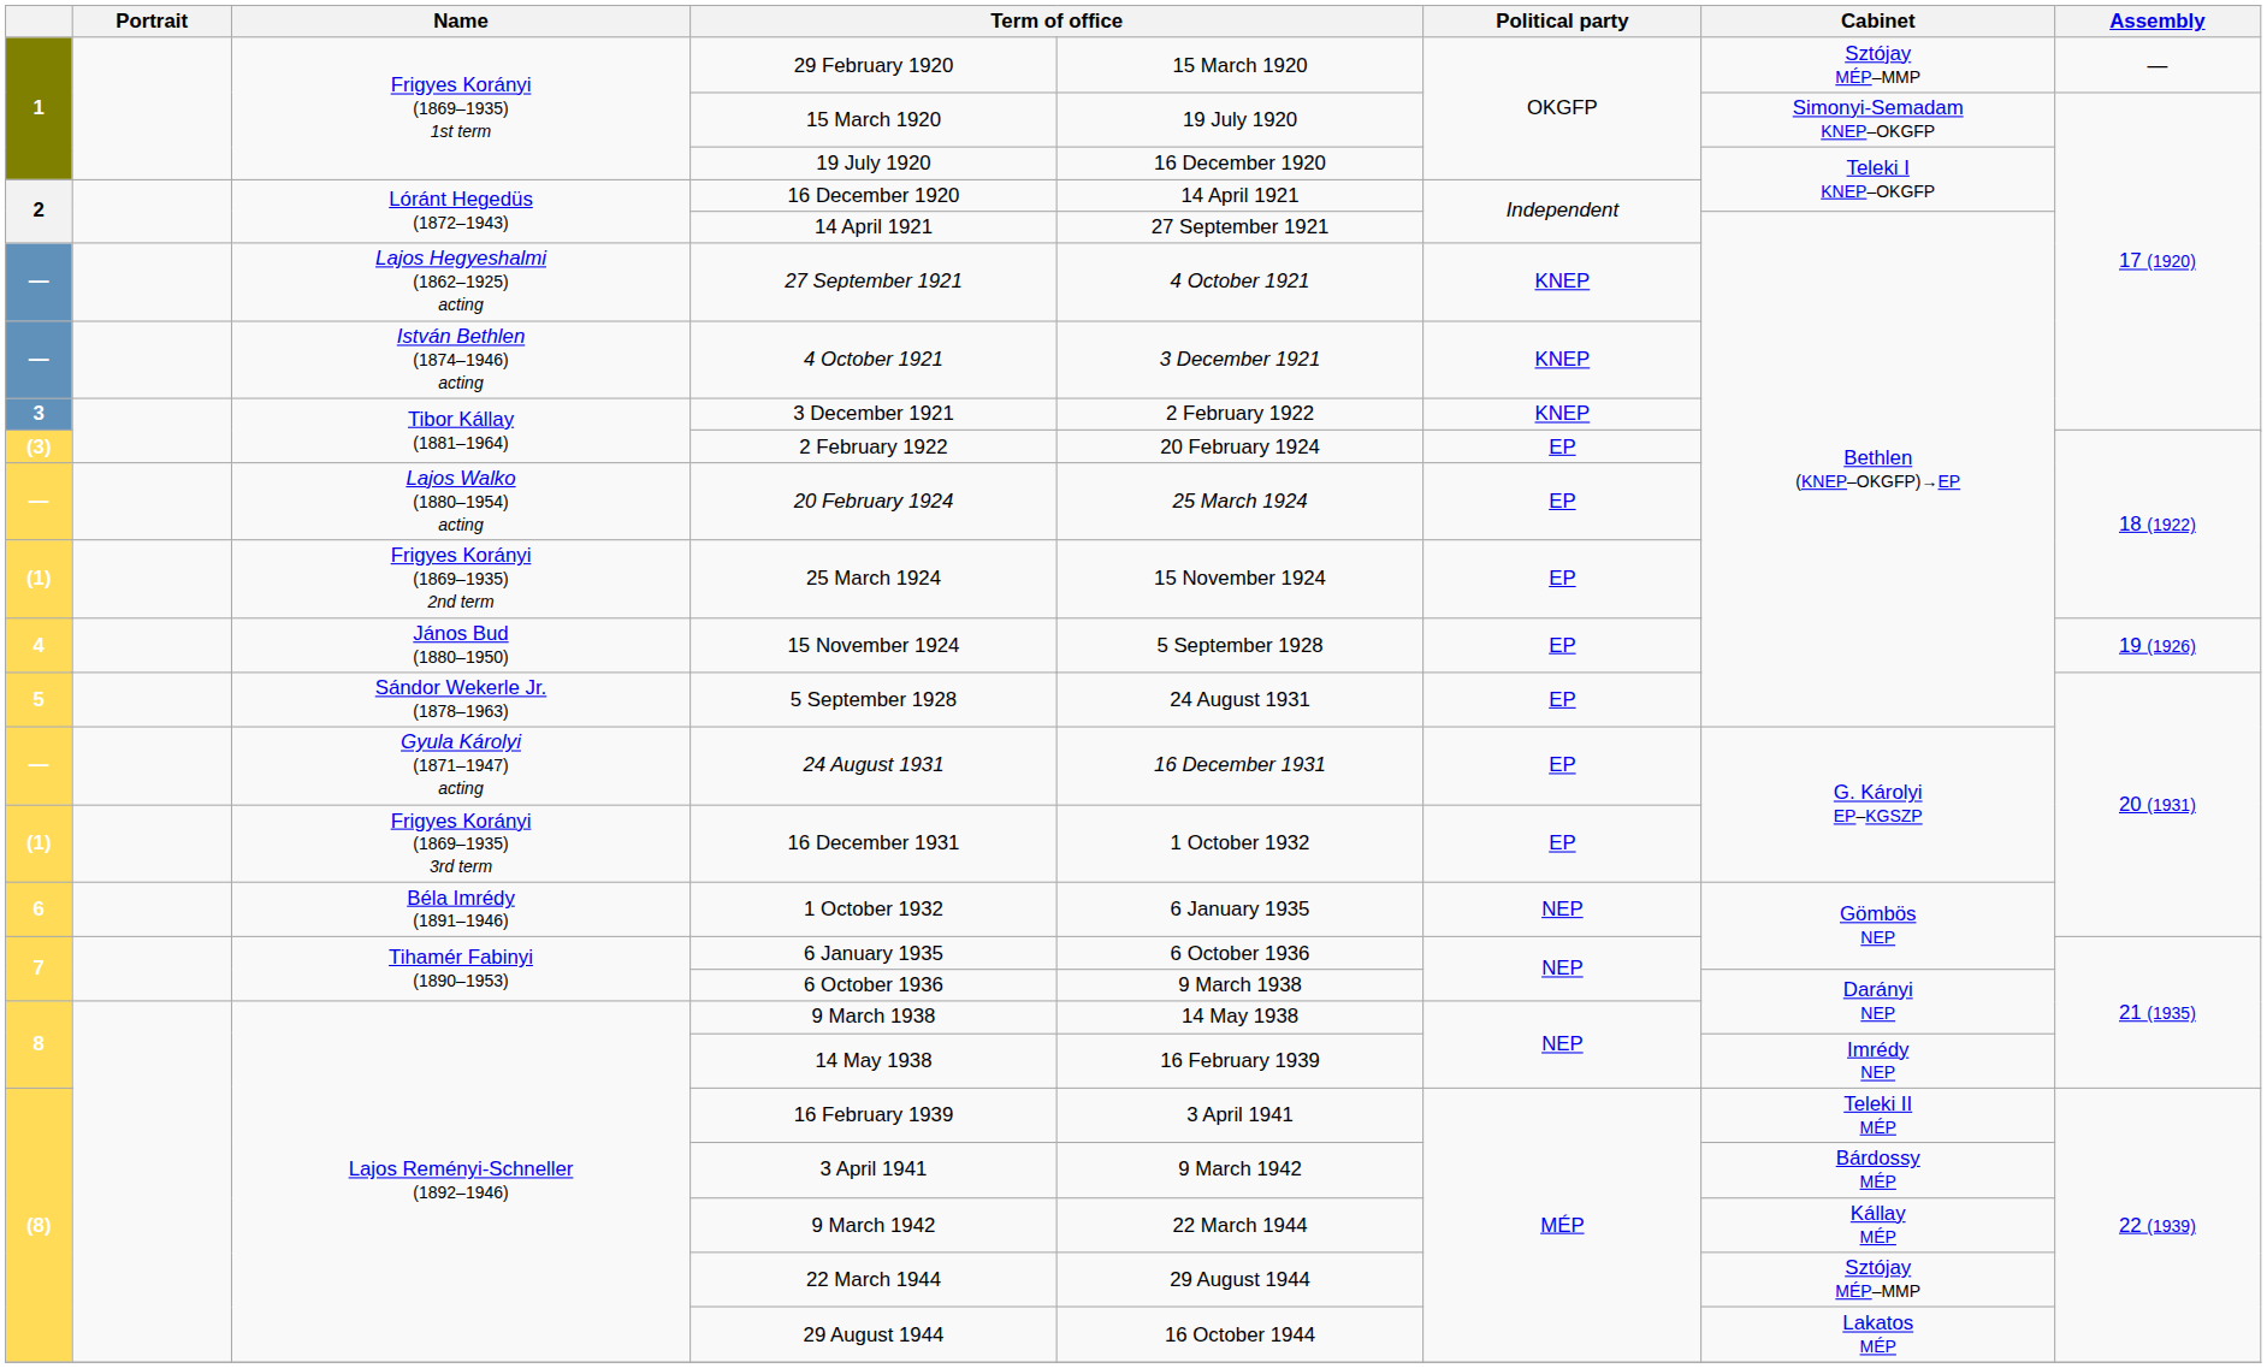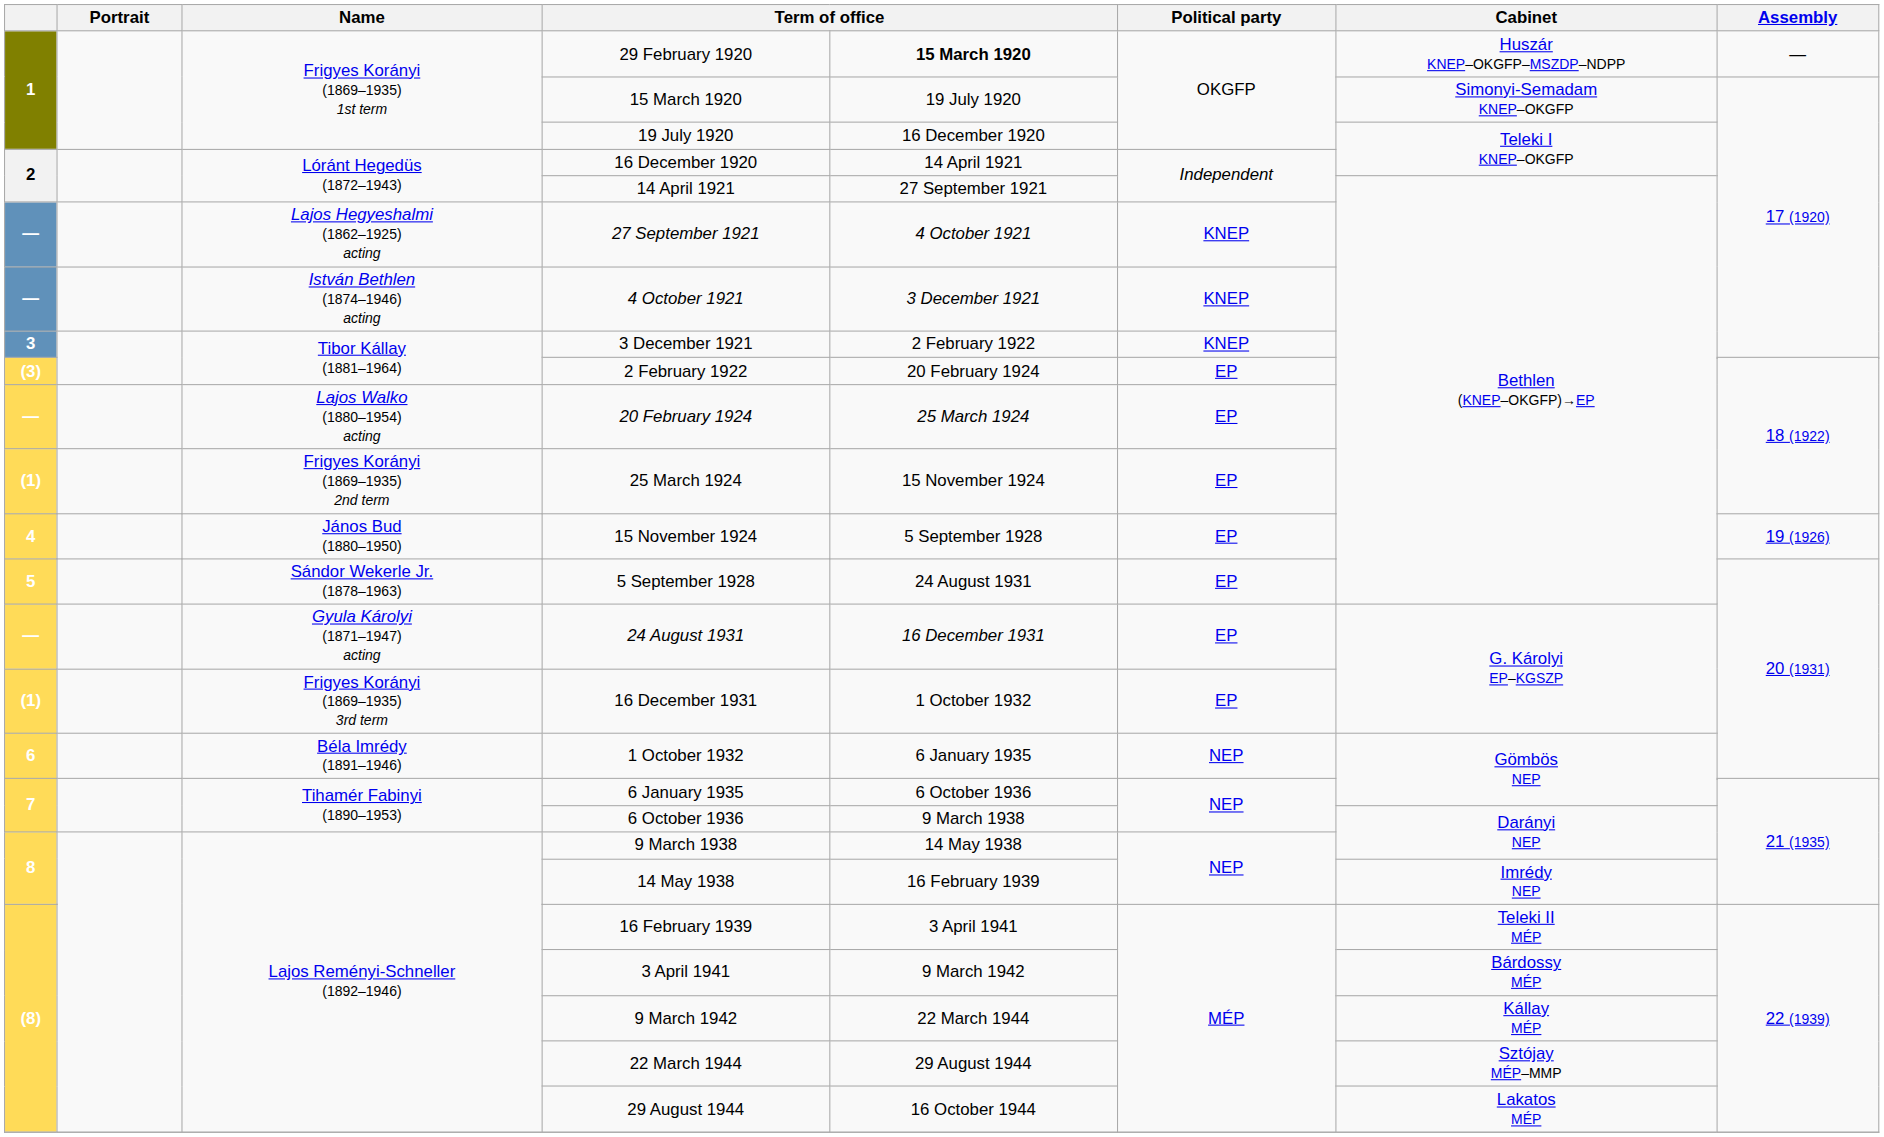 <table class="wikitable" style="width:90%; text-align:center;">
 <tr>
 <th></th>
 <th>Portrait</th>
 <th>Name<br></th>
 <th colspan=2>Term of office</th>
 <th>Political party</th>
 <th>Cabinet</th>
 <th><a href='#'>Assembly</a><br></th>
 </tr>
 <tr>
 <th rowspan="3" style="background-color:#808000; color:white">1</th>
 <td rowspan="3"></td>
 <td rowspan="3"><a href='#'>Frigyes Korányi</a><br><small>(1869–1935)<br><em>1st term</em></small></td>
 <td>29 February 1920</td>
-<td>15 March 1920</td>
+<td><strong>15 March 1920</strong></td>
 <td rowspan="3">OKGFP</td>
-<td><a href='#'>Sztójay</a><br><small><a href='#'>MÉP</a>–MMP</small></td>
+<td><a href='#'>Huszár</a><br><small><a href='#'>KNEP</a>–OKGFP–<a href='#'>MSZDP</a>–NDPP</small></td>
 <td>—</td>
 </tr>
 <tr>
 <td>15 March 1920</td>
 <td>19 July 1920</td>
 <td><a href='#'>Simonyi-Semadam</a><br><small><a href='#'>KNEP</a>–OKGFP</small></td>
 <td rowspan="8"><a href='#'>17 <small>(1920)</small></a></td>
 </tr>
 <tr>
 <td>19 July 1920</td>
 <td>16 December 1920</td>
 <td rowspan="2"><a href='#'>Teleki I</a><br><small><a href='#'>KNEP</a>–OKGFP</small></td>
 </tr>
 <tr>
 <th rowspan="2" style="background:">2</th>
 <td rowspan="2"></td>
 <td rowspan="2"><a href='#'>Lóránt Hegedüs</a><br><small>(1872–1943)</small></td>
 <td>16 December 1920</td>
 <td>14 April 1921</td>
 <td rowspan="2"><em>Independent</em></td>
 </tr>
 <tr>
 <td>14 April 1921</td>
 <td>27 September 1921</td>
 <td rowspan="12"><a href='#'>Bethlen</a><br><small>(<a href='#'>KNEP</a>–OKGFP)→<a href='#'>EP</a></small></td>
 </tr>
 <tr>
 <th style="background-color:#6091BA; color:white">—</th>
 <td></td>
 <td><em><a href='#'>Lajos Hegyeshalmi</a></em><br><small>(1862–1925)<br><em>acting</em></small></td>
 <td><em>27 September 1921</em></td>
 <td><em>4 October 1921</em></td>
 <td><a href='#'>KNEP</a></td>
 </tr>
 <tr>
 <th style="background-color:#6091BA; color:white">—</th>
 <td></td>
 <td><em><a href='#'>István Bethlen</a></em><br><small>(1874–1946)<br><em>acting</em></small></td>
 <td><em>4 October 1921</em></td>
 <td><em>3 December 1921</em></td>
 <td><a href='#'>KNEP</a></td>
 </tr>
 <tr>
 <th style="background-color:#6091BA; color:white">3</th>
 <td rowspan="3"></td>
 <td rowspan="3"><a href='#'>Tibor Kállay</a><br><small>(1881–1964)</small></td>
 <td>3 December 1921</td>
 <td>2 February 1922</td>
 <td><a href='#'>KNEP</a></td>
 </tr>
 <tr>
 <th rowspan="2" style="background-color:#FFDB58; color:white">(3)</th>
 <td rowspan="2">2 February 1922</td>
 <td rowspan="2">20 February 1924</td>
 <td rowspan="2"><a href='#'>EP</a></td>
 </tr>
 <tr>
 <td rowspan="4"><a href='#'>18 <small>(1922)</small></a></td>
 </tr>
 <tr>
 <th style="background-color:#FFDB58; color:white">—</th>
 <td></td>
 <td><em><a href='#'>Lajos Walko</a></em><br><small>(1880–1954)<br><em>acting</em></small></td>
 <td><em>20 February 1924</em></td>
 <td><em>25 March 1924</em></td>
 <td><a href='#'>EP</a></td>
 </tr>
 <tr>
 <th style="background-color:#FFDB58; color:white">(1)</th>
 <td></td>
 <td><a href='#'>Frigyes Korányi</a><br><small>(1869–1935)<br><em>2nd term</em></small></td>
 <td>25 March 1924</td>
 <td>15 November 1924</td>
 <td><a href='#'>EP</a></td>
 </tr>
 <tr>
 <th rowspan="2" style="background-color:#FFDB58; color:white">4</th>
 <td rowspan="2"></td>
 <td rowspan="2"><a href='#'>János Bud</a><br><small>(1880–1950)</small></td>
 <td rowspan="2">15 November 1924</td>
 <td rowspan="2">5 September 1928</td>
 <td rowspan="2"><a href='#'>EP</a></td>
 </tr>
 <tr>
 <td rowspan="2"><a href='#'>19 <small>(1926)</small></a></td>
 </tr>
 <tr>
 <th rowspan="2" style="background-color:#FFDB58; color:white">5</th>
 <td rowspan="2"></td>
 <td rowspan="2"><a href='#'>Sándor Wekerle Jr.</a><br><small>(1878–1963)</small></td>
 <td rowspan="2">5 September 1928</td>
 <td rowspan="2">24 August 1931</td>
 <td rowspan="2"><a href='#'>EP</a></td>
 </tr>
 <tr>
 <td rowspan="5"><a href='#'>20 <small>(1931)</small></a></td>
 </tr>
 <tr>
 <th style="background-color:#FFDB58; color:white">—</th>
 <td></td>
 <td><em><a href='#'>Gyula Károlyi</a></em><br><small>(1871–1947)<br><em>acting</em></small></td>
 <td><em>24 August 1931</em></td>
 <td><em>16 December 1931</em></td>
 <td><a href='#'>EP</a></td>
 <td rowspan="2"><a href='#'>G. Károlyi</a><br><small><a href='#'>EP</a>–<a href='#'>KGSZP</a></small></td>
 </tr>
 <tr>
 <th style="background-color:#FFDB58; color:white">(1)</th>
 <td></td>
 <td><a href='#'>Frigyes Korányi</a><br><small>(1869–1935)<br><em>3rd term</em></small></td>
 <td>16 December 1931</td>
 <td>1 October 1932</td>
 <td><a href='#'>EP</a></td>
 </tr>
 <tr>
 <th style="background-color:#FFDB58; color:white">6</th>
 <td></td>
 <td><a href='#'>Béla Imrédy</a><br><small>(1891–1946)</small></td>
 <td>1 October 1932</td>
 <td>6 January 1935</td>
 <td><a href='#'>NEP</a></td>
 <td rowspan="3"><a href='#'>Gömbös</a><br><small><a href='#'>NEP</a></small></td>
 </tr>
 <tr>
 <th rowspan="3" style="background-color:#FFDB58; color:white">7</th>
 <td rowspan="3"></td>
 <td rowspan="3"><a href='#'>Tihamér Fabinyi</a><br><small>(1890–1953)</small></td>
 <td rowspan="2">6 January 1935</td>
 <td rowspan="2">6 October 1936</td>
 <td rowspan="3"><a href='#'>NEP</a></td>
 </tr>
 <tr>
 <td rowspan="5"><a href='#'>21 <small>(1935)</small></a></td>
 </tr>
 <tr>
 <td>6 October 1936</td>
 <td>9 March 1938</td>
 <td rowspan="2"><a href='#'>Darányi</a><br><small><a href='#'>NEP</a></small></td>
 </tr>
 <tr>
 <th rowspan="2" style="background-color:#FFDB58; color:white">8</th>
 <td rowspan="8"></td>
 <td rowspan="8"><a href='#'>Lajos Reményi-Schneller</a><br><small>(1892–1946)</small></td>
 <td>9 March 1938</td>
 <td>14 May 1938</td>
 <td rowspan="2"><a href='#'>NEP</a></td>
 </tr>
 <tr>
 <td>14 May 1938</td>
 <td>16 February 1939</td>
 <td><a href='#'>Imrédy</a><br><small><a href='#'>NEP</a></small></td>
 </tr>
 <tr>
 <th rowspan="6" style="background-color:#FFDB58; color:white">(8)</th>
 <td rowspan="2">16 February 1939</td>
 <td rowspan="2">3 April 1941</td>
 <td rowspan="6"><a href='#'>MÉP</a></td>
 <td rowspan="2"><a href='#'>Teleki II</a><br><small><a href='#'>MÉP</a></small></td>
 </tr>
 <tr>
 <td rowspan="5"><a href='#'>22 <small>(1939)</small></a></td>
 </tr>
 <tr>
 <td>3 April 1941</td>
 <td>9 March 1942</td>
 <td><a href='#'>Bárdossy</a><br><small><a href='#'>MÉP</a></small></td>
 </tr>
 <tr>
 <td>9 March 1942</td>
 <td>22 March 1944</td>
 <td><a href='#'>Kállay</a><br><small><a href='#'>MÉP</a></small></td>
 </tr>
 <tr>
 <td>22 March 1944</td>
 <td>29 August 1944</td>
 <td><a href='#'>Sztójay</a><br><small><a href='#'>MÉP</a>–MMP</small></td>
 </tr>
 <tr>
 <td>29 August 1944</td>
 <td>16 October 1944</td>
 <td><a href='#'>Lakatos</a><br><small><a href='#'>MÉP</a></small></td>
 </tr>
 <tr>
 </tr>
 </table>
